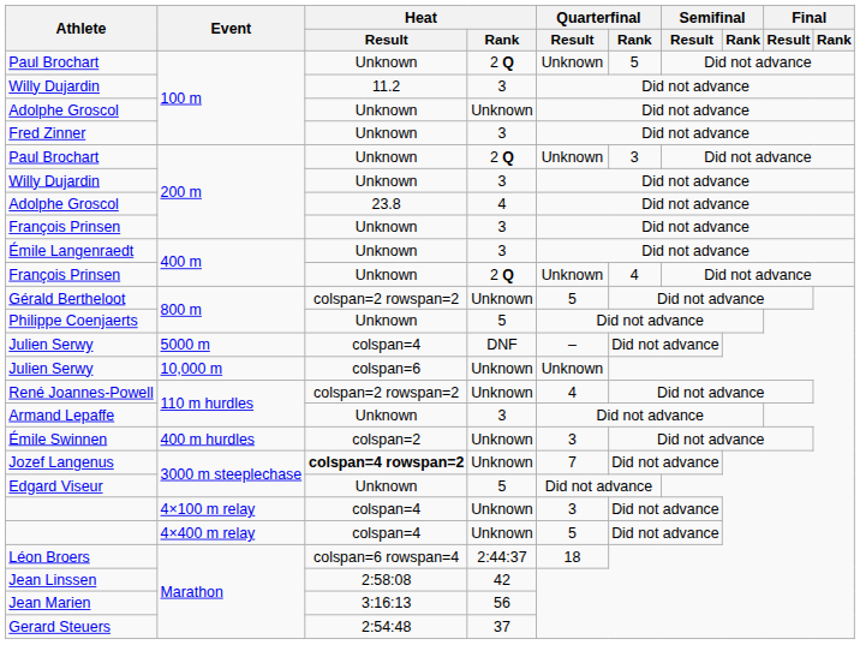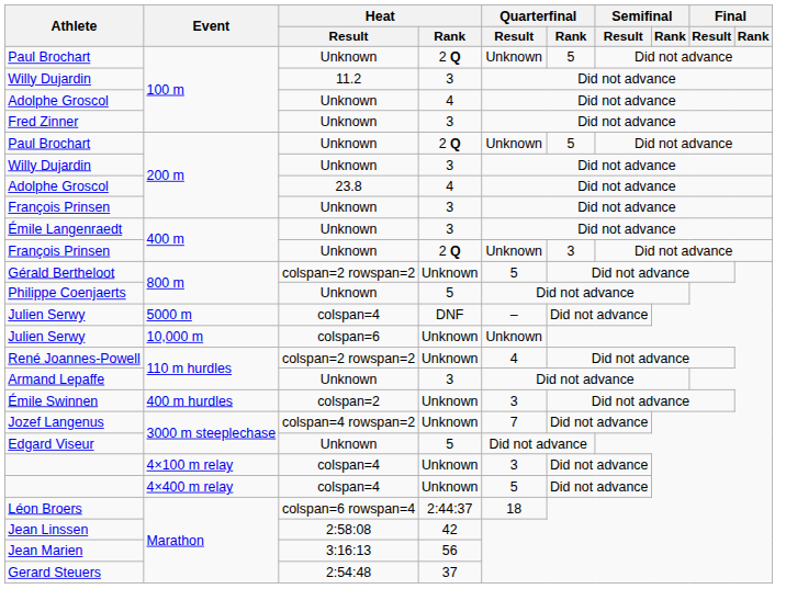 <table class=wikitable style=font-size:90%;text-align:center>
 <tr>
 <th rowspan=2>Athlete</th>
 <th rowspan=2>Event</th>
 <th colspan=2>Heat</th>
 <th colspan=2>Quarterfinal</th>
 <th colspan=2>Semifinal</th>
 <th colspan=2>Final</th>
 </tr>
 <tr style=font-size:95%>
 <th>Result</th>
 <th>Rank</th>
 <th>Result</th>
 <th>Rank</th>
 <th>Result</th>
 <th>Rank</th>
 <th>Result</th>
 <th>Rank</th>
 </tr>
 <tr>
 <td align=left><a href='#'>Paul Brochart</a></td>
 <td rowspan=4 align=left><a href='#'>100 m</a></td>
 <td>Unknown</td>
 <td>2 <strong>Q</strong></td>
 <td>Unknown</td>
 <td>5</td>
 <td colspan=4>Did not advance</td>
 </tr>
 <tr>
 <td align=left><a href='#'>Willy Dujardin</a></td>
 <td>11.2</td>
 <td>3</td>
 <td colspan=6>Did not advance</td>
 </tr>
 <tr>
 <td align=left><a href='#'>Adolphe Groscol</a></td>
 <td>Unknown</td>
-<td>Unknown</td>
+<td>4</td>
 <td colspan=6>Did not advance</td>
 </tr>
 <tr>
 <td align=left><a href='#'>Fred Zinner</a></td>
 <td>Unknown</td>
 <td>3</td>
 <td colspan=6>Did not advance</td>
 </tr>
 <tr>
 <td align=left><a href='#'>Paul Brochart</a></td>
 <td rowspan=4 align=left><a href='#'>200 m</a></td>
 <td>Unknown</td>
 <td>2 <strong>Q</strong></td>
 <td>Unknown</td>
-<td>3</td>
+<td>5</td>
 <td colspan=4>Did not advance</td>
 </tr>
 <tr>
 <td align=left><a href='#'>Willy Dujardin</a></td>
 <td>Unknown</td>
 <td>3</td>
 <td colspan=6>Did not advance</td>
 </tr>
 <tr>
 <td align=left><a href='#'>Adolphe Groscol</a></td>
 <td>23.8</td>
 <td>4</td>
 <td colspan=6>Did not advance</td>
 </tr>
 <tr>
 <td align=left><a href='#'>François Prinsen</a></td>
 <td>Unknown</td>
 <td>3</td>
 <td colspan=6>Did not advance</td>
 </tr>
 <tr>
 <td align=left><a href='#'>Émile Langenraedt</a></td>
 <td rowspan=2 align=left><a href='#'>400 m</a></td>
 <td>Unknown</td>
 <td>3</td>
 <td colspan=6>Did not advance</td>
 </tr>
 <tr>
 <td align=left><a href='#'>François Prinsen</a></td>
 <td>Unknown</td>
 <td>2 <strong>Q</strong></td>
 <td>Unknown</td>
-<td>4</td>
+<td>3</td>
 <td colspan=4>Did not advance</td>
 </tr>
 <tr>
 <td align=left><a href='#'>Gérald Bertheloot</a></td>
 <td rowspan=2 align=left><a href='#'>800 m</a></td>
 <td>colspan=2 rowspan=2 </td>
 <td>Unknown</td>
 <td>5</td>
 <td colspan=4>Did not advance</td>
 </tr>
 <tr>
 <td align=left><a href='#'>Philippe Coenjaerts</a></td>
 <td>Unknown</td>
 <td>5</td>
 <td colspan=4>Did not advance</td>
 </tr>
 <tr>
 <td align=left><a href='#'>Julien Serwy</a></td>
 <td align=left><a href='#'>5000 m</a></td>
 <td>colspan=4 </td>
 <td>DNF</td>
 <td>–</td>
 <td colspan=2>Did not advance</td>
 </tr>
 <tr>
 <td align=left><a href='#'>Julien Serwy</a></td>
 <td align=left><a href='#'>10,000 m</a></td>
 <td>colspan=6 </td>
 <td>Unknown</td>
 <td>Unknown</td>
 </tr>
 <tr>
 <td align=left><a href='#'>René Joannes-Powell</a></td>
 <td rowspan=2 align=left><a href='#'>110 m hurdles</a></td>
 <td>colspan=2 rowspan=2 </td>
 <td>Unknown</td>
 <td>4</td>
 <td colspan=4>Did not advance</td>
 </tr>
 <tr>
 <td align=left><a href='#'>Armand Lepaffe</a></td>
 <td>Unknown</td>
 <td>3</td>
 <td colspan=4>Did not advance</td>
 </tr>
 <tr>
 <td align=left><a href='#'>Émile Swinnen</a></td>
 <td align=left><a href='#'>400 m hurdles</a></td>
 <td>colspan=2 </td>
 <td>Unknown</td>
 <td>3</td>
 <td colspan=4>Did not advance</td>
 </tr>
 <tr>
 <td align=left><a href='#'>Jozef Langenus</a></td>
 <td rowspan=2 align=left><a href='#'>3000 m steeplechase</a></td>
-<td><strong>colspan=4 rowspan=2 </strong></td>
+<td>colspan=4 rowspan=2 </td>
 <td>Unknown</td>
 <td>7</td>
 <td colspan=2>Did not advance</td>
 </tr>
 <tr>
 <td align=left><a href='#'>Edgard Viseur</a></td>
 <td>Unknown</td>
 <td>5</td>
 <td colspan=2>Did not advance</td>
 </tr>
 <tr>
 <td align=left></td>
 <td align=left><a href='#'>4×100 m relay</a></td>
 <td>colspan=4 </td>
 <td>Unknown</td>
 <td>3</td>
 <td colspan=2>Did not advance</td>
 </tr>
 <tr>
 <td align=left></td>
 <td align=left><a href='#'>4×400 m relay</a></td>
 <td>colspan=4 </td>
 <td>Unknown</td>
 <td>5</td>
 <td colspan=2>Did not advance</td>
 </tr>
 <tr>
 <td align=left><a href='#'>Léon Broers</a></td>
 <td rowspan=4 align=left><a href='#'>Marathon</a></td>
 <td>colspan=6 rowspan=4 </td>
 <td>2:44:37</td>
 <td>18</td>
 </tr>
 <tr>
 <td align=left><a href='#'>Jean Linssen</a></td>
 <td>2:58:08</td>
 <td>42</td>
 </tr>
 <tr>
 <td align=left><a href='#'>Jean Marien</a></td>
 <td>3:16:13</td>
 <td>56</td>
 </tr>
 <tr>
 <td align=left><a href='#'>Gerard Steuers</a></td>
 <td>2:54:48</td>
 <td>37</td>
 </tr>
 </table>
